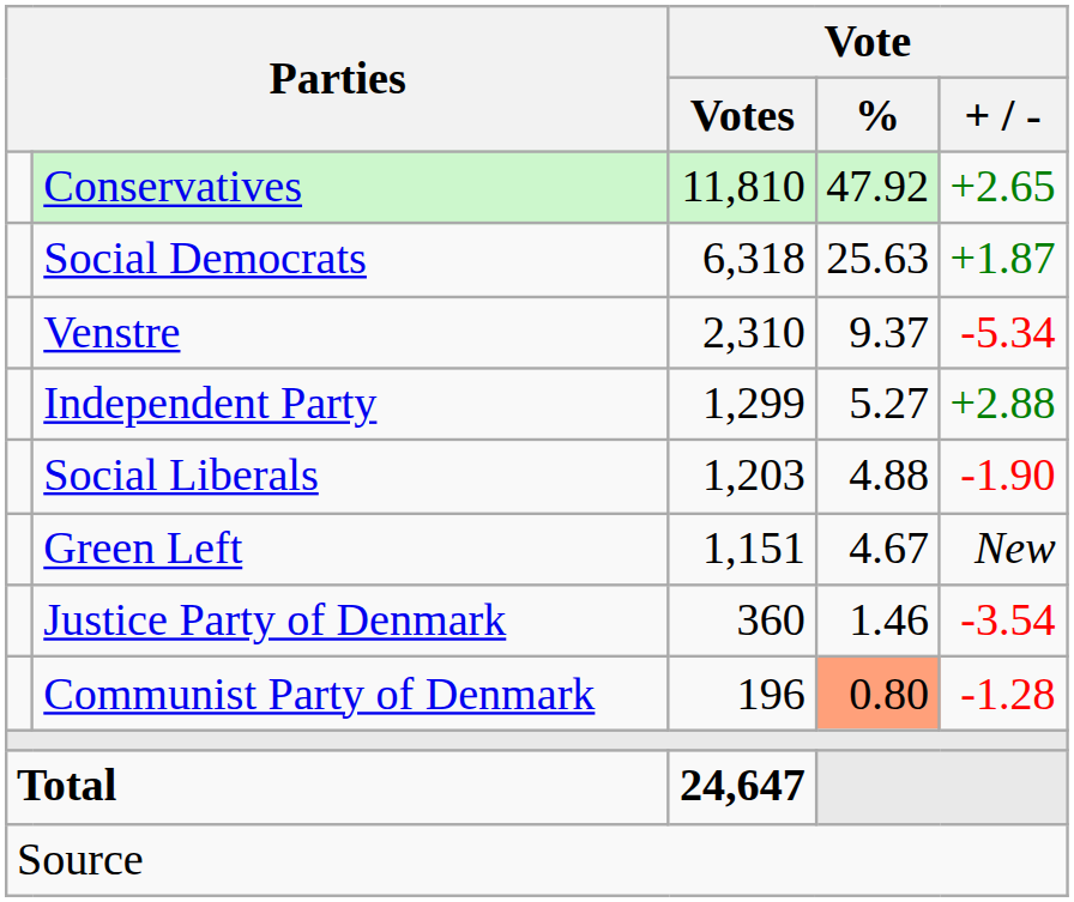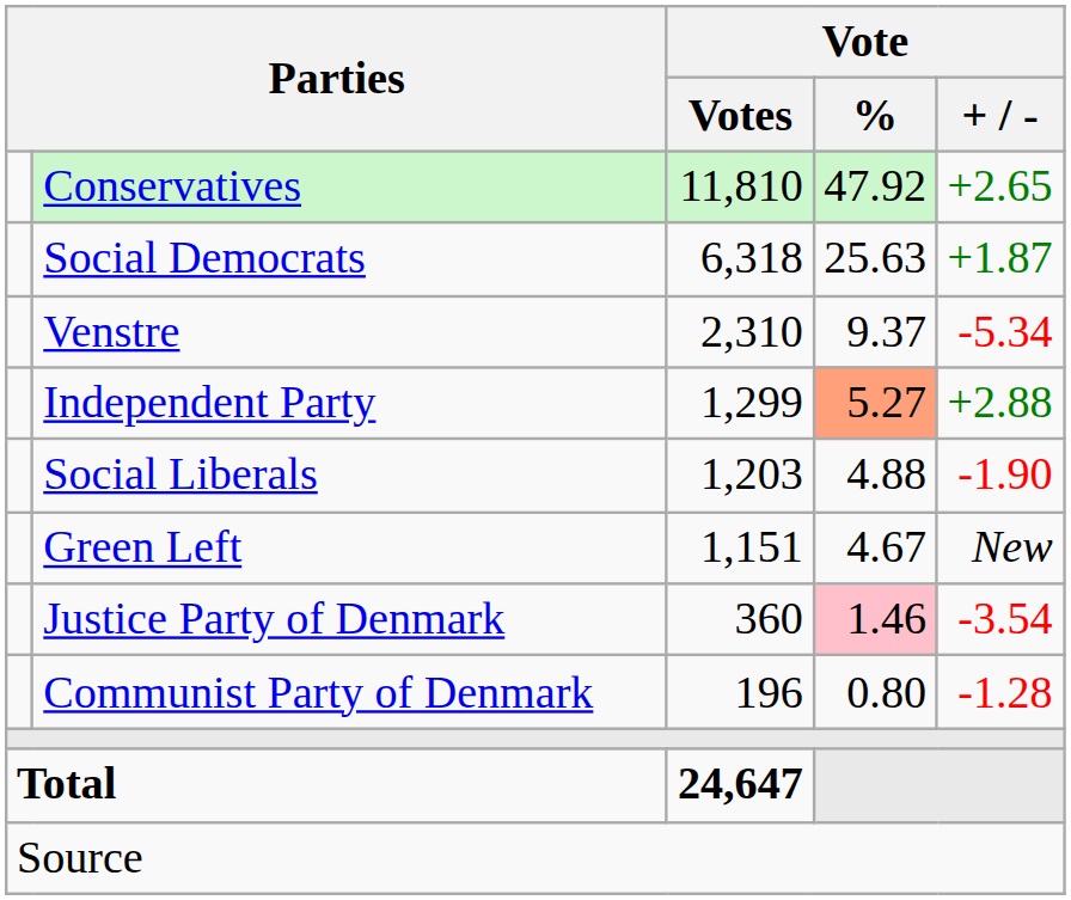 <table class="wikitable" style="text-align:right;">
 <tr>
 <th style="text-align:centre;" rowspan="2" colspan="2" width="225">Parties</th>
 <th colspan="3">Vote</th>
 </tr>
 <tr>
 <th width="15">Votes</th>
 <th width="15">%</th>
 <th width="15">+ / -</th>
 </tr>
 <tr>
 <td width="2" style="color:inherit;background:"></td>
 <td bgcolor=#ccf7cc  align="left"><a href='#'>Conservatives</a></td>
 <td bgcolor=#ccf7cc>11,810</td>
 <td bgcolor=#ccf7cc>47.92</td>
 <td style=color:green;>+2.65</td>
 </tr>
 <tr>
 <td width="2" style="color:inherit;background:"></td>
 <td align="left"><a href='#'>Social Democrats</a></td>
 <td>6,318</td>
 <td>25.63</td>
 <td style=color:green;>+1.87</td>
 </tr>
 <tr>
 <td width="2" style="color:inherit;background:"></td>
 <td align="left"><a href='#'>Venstre</a></td>
 <td>2,310</td>
 <td>9.37</td>
 <td style=color:red;>-5.34</td>
 </tr>
 <tr>
 <td width="2" style="color:inherit;background:"></td>
 <td align="left"><a href='#'>Independent Party</a></td>
 <td>1,299</td>
-<td>5.27</td>
+<td style="background: lightsalmon;">5.27</td>
 <td style=color:green;>+2.88</td>
 </tr>
 <tr>
 <td width="2" style="color:inherit;background:"></td>
 <td align="left"><a href='#'>Social Liberals</a></td>
 <td>1,203</td>
 <td>4.88</td>
 <td style=color:red;>-1.90</td>
 </tr>
 <tr>
 <td width="2" style="color:inherit;background:"></td>
 <td align="left"><a href='#'>Green Left</a></td>
 <td>1,151</td>
 <td>4.67</td>
 <td><em>New</em></td>
 </tr>
 <tr>
 <td width="2" style="color:inherit;background:"></td>
 <td align="left"><a href='#'>Justice Party of Denmark</a></td>
 <td>360</td>
-<td>1.46</td>
+<td style="background: pink;">1.46</td>
 <td style=color:red;>-3.54</td>
 </tr>
 <tr>
 <td width="2" style="color:inherit;background:"></td>
 <td align="left"><a href='#'>Communist Party of Denmark</a></td>
 <td>196</td>
-<td style="background: lightsalmon;">0.80</td>
+<td>0.80</td>
 <td style=color:red;>-1.28</td>
 </tr>
 <tr>
 <td colspan="7" bgcolor="#E9E9E9"></td>
 </tr>
 <tr>
 <td align="left" colspan="2"><strong>Total</strong></td>
 <td><strong>24,647</strong></td>
 <td bgcolor="#E9E9E9" colspan="2"></td>
 </tr>
 <tr>
 <td align="left" colspan="6">Source</td>
 </tr>
 </table>
